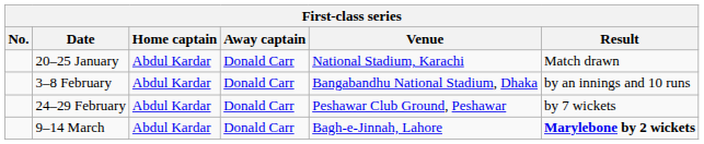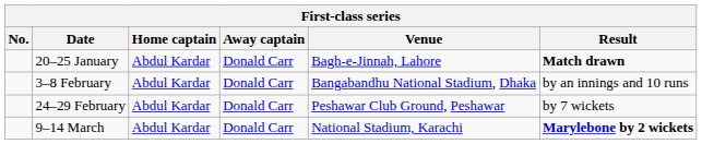 <table class="wikitable">
 <tr>
 <th colspan="9">First-class series</th>
 </tr>
 <tr>
 <th>No.</th>
 <th>Date</th>
 <th>Home captain</th>
 <th>Away captain</th>
 <th>Venue</th>
 <th>Result</th>
 </tr>
 <tr>
 <td></td>
 <td>20–25 January</td>
 <td><a href='#'>Abdul Kardar</a></td>
 <td><a href='#'>Donald Carr</a></td>
-<td><a href='#'>National Stadium, Karachi</a></td>
-<td>Match drawn</td>
+<td><a href='#'>Bagh-e-Jinnah, Lahore</a></td>
+<td><strong>Match drawn</strong></td>
 </tr>
 <tr>
 <td></td>
 <td>3–8 February</td>
 <td><a href='#'>Abdul Kardar</a></td>
 <td><a href='#'>Donald Carr</a></td>
 <td><a href='#'>Bangabandhu National Stadium</a>, <a href='#'>Dhaka</a></td>
 <td> by an innings and 10 runs</td>
 </tr>
 <tr>
 <td></td>
 <td>24–29 February</td>
 <td><a href='#'>Abdul Kardar</a></td>
 <td><a href='#'>Donald Carr</a></td>
 <td><a href='#'>Peshawar Club Ground</a>, <a href='#'>Peshawar</a></td>
 <td> by 7 wickets</td>
 </tr>
 <tr>
 <td></td>
 <td>9–14 March</td>
 <td><a href='#'>Abdul Kardar</a></td>
 <td><a href='#'>Donald Carr</a></td>
-<td><a href='#'>Bagh-e-Jinnah, Lahore</a></td>
+<td><a href='#'>National Stadium, Karachi</a></td>
 <td><strong><a href='#'>Marylebone</a> by 2 wickets</strong></td>
 </tr>
 </table>
